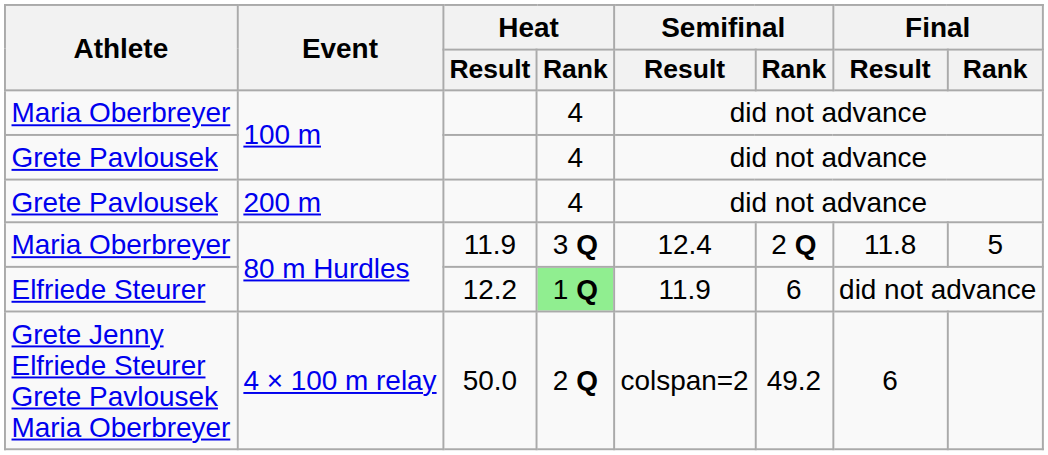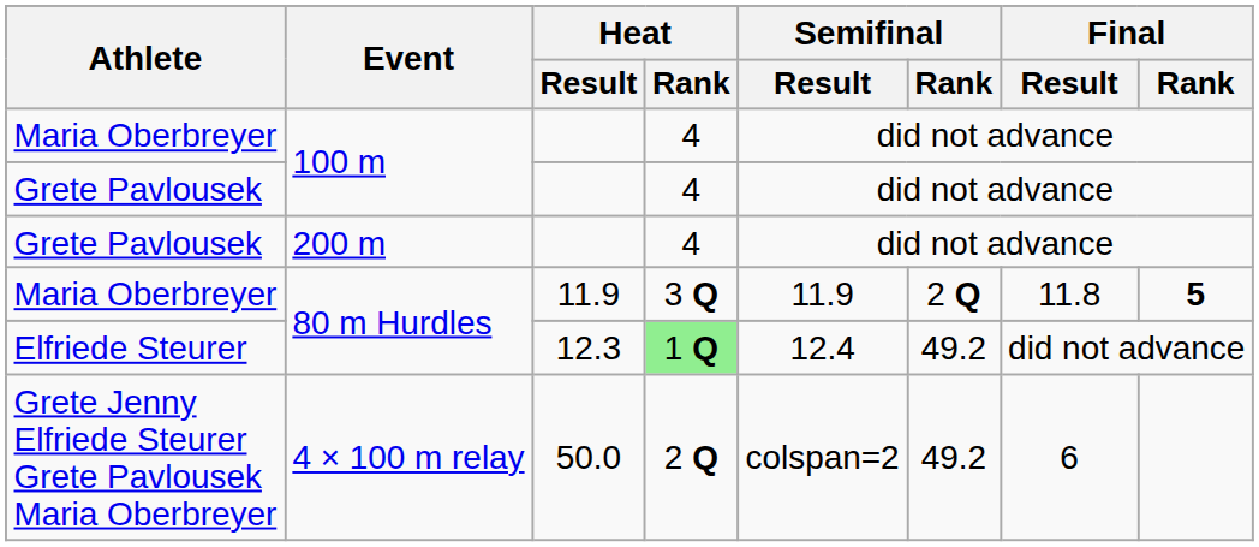 <table class="wikitable" style="font-size:90%">
 <tr>
 <th rowspan=2>Athlete</th>
 <th rowspan=2>Event</th>
 <th colspan=2>Heat</th>
 <th colspan=2>Semifinal</th>
 <th colspan=2>Final</th>
 </tr>
 <tr style="font-size:95%">
 <th>Result</th>
 <th>Rank</th>
 <th>Result</th>
 <th>Rank</th>
 <th>Result</th>
 <th>Rank</th>
 </tr>
 <tr align=center>
 <td align=left><a href='#'>Maria Oberbreyer</a></td>
 <td align=left rowspan=2><a href='#'>100 m</a></td>
 <td></td>
 <td>4</td>
 <td colspan=4>did not advance</td>
 </tr>
 <tr align=center>
 <td align=left><a href='#'>Grete Pavlousek</a></td>
 <td></td>
 <td>4</td>
 <td colspan=4>did not advance</td>
 </tr>
 <tr align=center>
 <td align=left><a href='#'>Grete Pavlousek</a></td>
 <td align=left><a href='#'>200 m</a></td>
 <td></td>
 <td>4</td>
 <td colspan=4>did not advance</td>
 </tr>
 <tr align=center>
 <td align=left><a href='#'>Maria Oberbreyer</a></td>
 <td align=left rowspan=2><a href='#'>80 m Hurdles</a></td>
 <td>11.9</td>
 <td>3 <strong>Q</strong></td>
-<td>12.4</td>
+<td>11.9</td>
 <td>2 <strong>Q</strong></td>
 <td>11.8</td>
-<td>5</td>
+<td><strong>5</strong></td>
 </tr>
 <tr align=center>
 <td align=left><a href='#'>Elfriede Steurer</a></td>
-<td>12.2</td>
+<td>12.3</td>
 <td style="background: lightgreen;">1 <strong>Q</strong></td>
-<td>11.9</td>
-<td>6</td>
+<td>12.4</td>
+<td>49.2</td>
 <td colspan=2>did not advance</td>
 </tr>
 <tr align=center>
 <td align=left><a href='#'>Grete Jenny</a><br><a href='#'>Elfriede Steurer</a><br><a href='#'>Grete Pavlousek</a><br><a href='#'>Maria Oberbreyer</a></td>
 <td align=left><a href='#'>4 × 100 m relay</a></td>
 <td>50.0</td>
 <td>2 <strong>Q</strong></td>
 <td>colspan=2 </td>
 <td>49.2</td>
 <td>6</td>
 </tr>
 </table>
